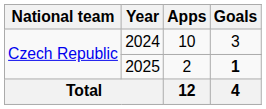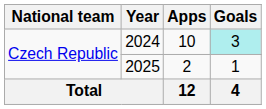 <table class="wikitable" style="text-align:center">
 <tr>
 <th>National team</th>
 <th>Year</th>
 <th>Apps</th>
 <th>Goals</th>
 </tr>
 <tr>
 <td rowspan="2"><a href='#'>Czech Republic</a></td>
 <td>2024</td>
 <td>10</td>
-<td>3</td>
+<td style="background: paleturquoise;">3</td>
 </tr>
 <tr>
 <td>2025</td>
 <td>2</td>
-<td><strong>1</strong></td>
+<td>1</td>
 </tr>
 <tr>
 <th colspan="2">Total</th>
 <th>12</th>
 <th>4</th>
 </tr>
 </table>
